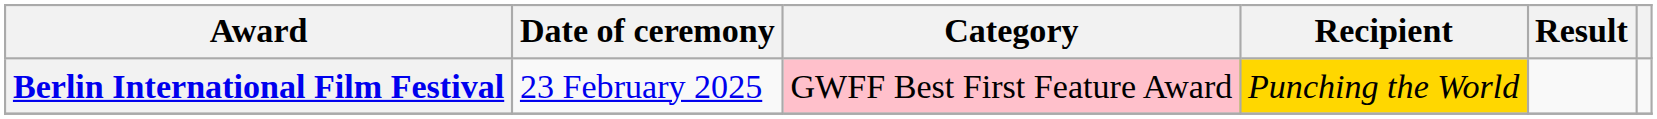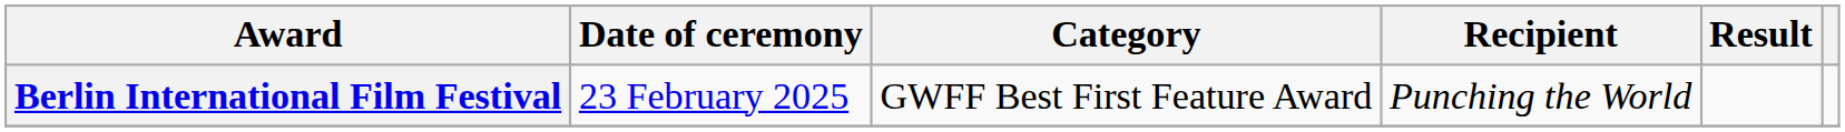 <table class="wikitable sortable plainrowheaders">
 <tr>
 <th>Award</th>
 <th>Date of ceremony</th>
 <th>Category</th>
 <th>Recipient</th>
 <th>Result</th>
 <th></th>
 </tr>
 <tr>
 <th scope="row" rowspan="1"><a href='#'>Berlin International Film Festival</a></th>
 <td rowspan="1"><a href='#'>23 February 2025</a></td>
-<td style="background: pink;">GWFF Best First Feature Award</td>
-<td style="background: gold;"><em>Punching the World</em></td>
+<td>GWFF Best First Feature Award</td>
+<td><em>Punching the World</em></td>
 <td></td>
 <td align="center"></td>
 </tr>
 <tr>
 </tr>
 </table>
